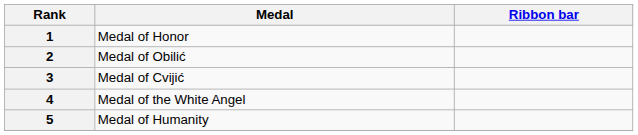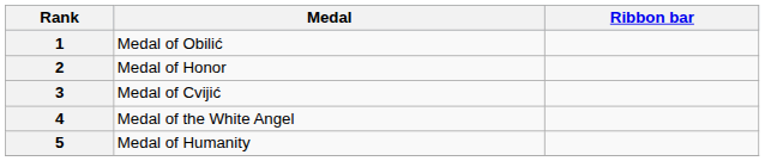 <table class="wikitable" width="60%"  width=600px>
 <tr align="center" bgcolor="lightsteelblue" width="100%">
 <th>Rank</th>
 <th>Medal</th>
 <th><a href='#'>Ribbon bar</a></th>
 </tr>
 <tr>
 <th>1</th>
-<td>Medal of Honor</td>
+<td>Medal of Obilić</td>
 <td></td>
 </tr>
 <tr>
 <th>2</th>
-<td>Medal of Obilić</td>
+<td>Medal of Honor</td>
 <td></td>
 </tr>
 <tr>
 <th>3</th>
 <td>Medal of Cvijić</td>
 <td> </td>
 </tr>
 <tr>
 <th>4</th>
 <td>Medal of the White Angel</td>
 <td></td>
 </tr>
 <tr>
 <th>5</th>
 <td>Medal of Humanity</td>
 <td></td>
 </tr>
 <tr>
 </tr>
 </table>
